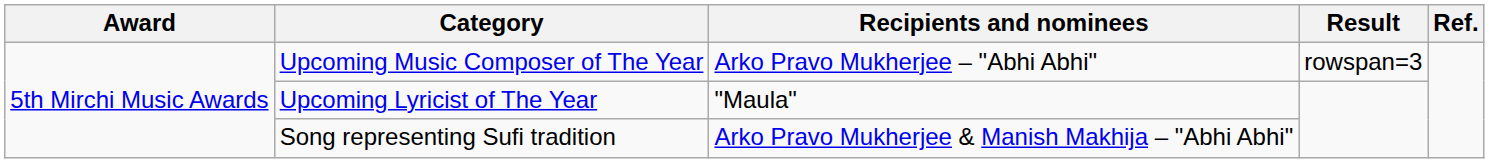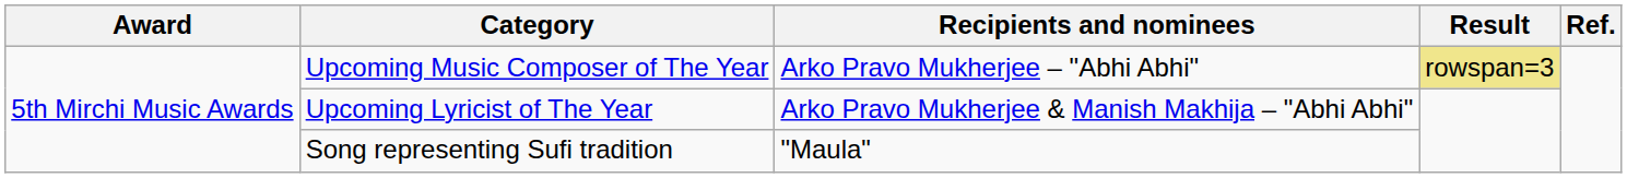 <table class="wikitable sortable">
 <tr>
 <th>Award</th>
 <th>Category</th>
 <th>Recipients and nominees</th>
 <th>Result</th>
 <th>Ref.</th>
 </tr>
 <tr>
 <td rowspan=3><a href='#'>5th Mirchi Music Awards</a></td>
 <td><a href='#'>Upcoming Music Composer of The Year</a></td>
 <td><a href='#'>Arko Pravo Mukherjee</a> – "Abhi Abhi"</td>
-<td>rowspan=3  </td>
+<td style="background: khaki;">rowspan=3  </td>
 <td rowspan=3></td>
 </tr>
 <tr>
 <td><a href='#'>Upcoming Lyricist of The Year</a></td>
-<td>"Maula"</td>
+<td><a href='#'>Arko Pravo Mukherjee</a> & <a href='#'>Manish Makhija</a> – "Abhi Abhi"</td>
 </tr>
 <tr>
 <td>Song representing Sufi tradition</td>
-<td><a href='#'>Arko Pravo Mukherjee</a> & <a href='#'>Manish Makhija</a> – "Abhi Abhi"</td>
+<td>"Maula"</td>
 </tr>
 </table>
